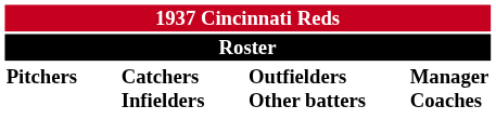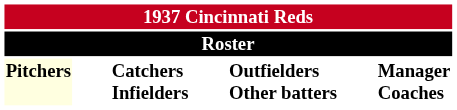 <table class="toccolours" style="font-size: 95%;">
 <tr>
 <th colspan="10" style="background-color: #c6011f; color: white; text-align: center;">1937 Cincinnati Reds</th>
 </tr>
 <tr>
 <td colspan="10" style="background-color: black; color: white; text-align: center;"><strong>Roster</strong></td>
 </tr>
 <tr>
-<td valign="top"><strong>Pitchers</strong><br>              </td>
+<td valign="top" style="background: lightyellow;"><strong>Pitchers</strong><br>              </td>
 <td width="25px"></td>
 <td valign="top"><strong>Catchers</strong><br>      <strong>Infielders</strong>           </td>
 <td width="25px"></td>
 <td valign="top"><strong>Outfielders</strong><br>         <strong>Other batters</strong>  </td>
 <td width="25px"></td>
 <td valign="top"><strong>Manager</strong><br>  <strong>Coaches</strong>  </td>
 </tr>
 </table>
